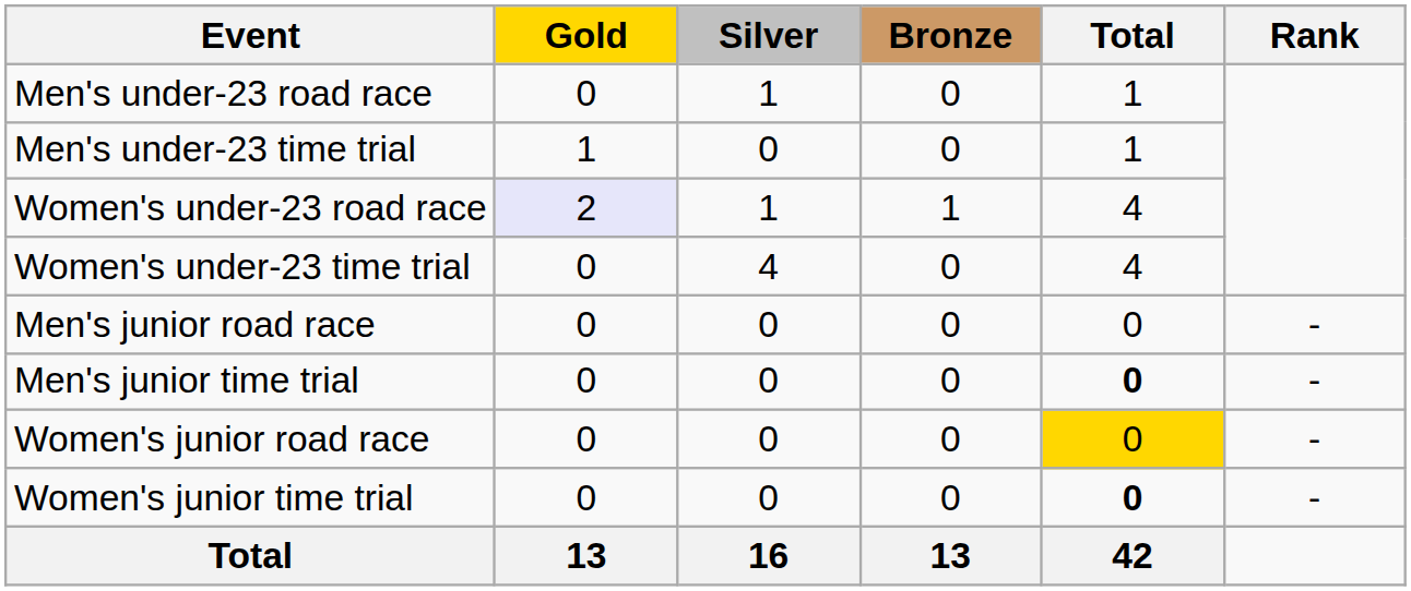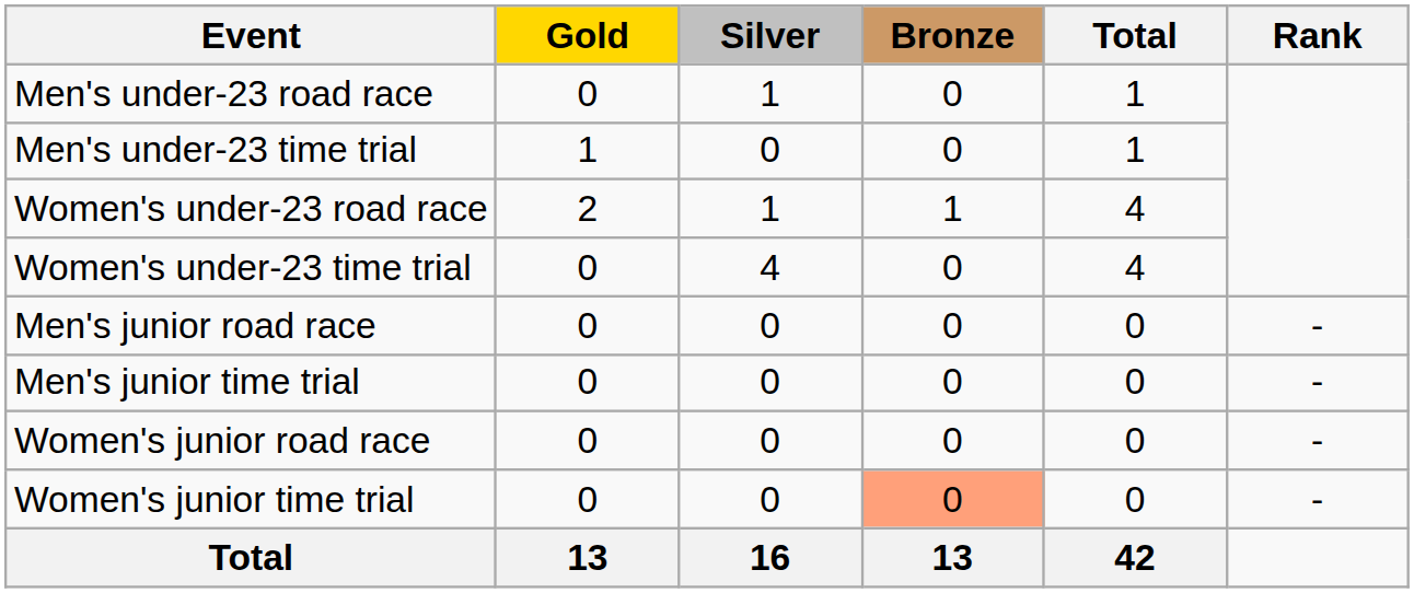 <table class="wikitable sortable" border="1" style="text-align:center; font-size:90%;">
 <tr>
 <th style="width:15:em;">Event</th>
 <td style="background:gold; width:4.5em; font-weight:bold;">Gold</td>
 <td style="background:silver; width:4.5em; font-weight:bold;">Silver</td>
 <td style="background:#cc9966; width:4.5em; font-weight:bold;">Bronze</td>
 <th style="width:4.5em;">Total</th>
 <th style="width:4.5em;">Rank</th>
 </tr>
 <tr>
 <td align=left>Men's under-23 road race</td>
 <td>0</td>
 <td>1</td>
 <td>0</td>
 <td>1</td>
 </tr>
 <tr>
 <td align=left>Men's under-23 time trial</td>
 <td>1</td>
 <td>0</td>
 <td>0</td>
 <td>1</td>
 </tr>
 <tr>
 <td align=left>Women's under-23 road race</td>
-<td style="background: lavender;">2</td>
+<td>2</td>
 <td>1</td>
 <td>1</td>
 <td>4</td>
 </tr>
 <tr>
 <td align=left>Women's under-23 time trial</td>
 <td>0</td>
 <td>4</td>
 <td>0</td>
 <td>4</td>
 </tr>
 <tr>
 <td align=left>Men's junior road race</td>
 <td>0</td>
 <td>0</td>
 <td>0</td>
 <td>0</td>
 <td>-</td>
 </tr>
 <tr>
 <td align=left>Men's junior time trial</td>
 <td>0</td>
 <td>0</td>
 <td>0</td>
-<td><strong>0</strong></td>
+<td>0</td>
 <td>-</td>
 </tr>
 <tr>
 <td align=left>Women's junior road race</td>
 <td>0</td>
 <td>0</td>
 <td>0</td>
-<td style="background: gold;">0</td>
+<td>0</td>
 <td>-</td>
 </tr>
 <tr>
 <td align=left>Women's junior time trial</td>
 <td>0</td>
 <td>0</td>
+<td style="background: lightsalmon;">0</td>
 <td>0</td>
-<td><strong>0</strong></td>
 <td>-</td>
 </tr>
 <tr>
 <th>Total</th>
 <th>13</th>
 <th>16</th>
 <th>13</th>
 <th>42</th>
 </tr>
 </table>
